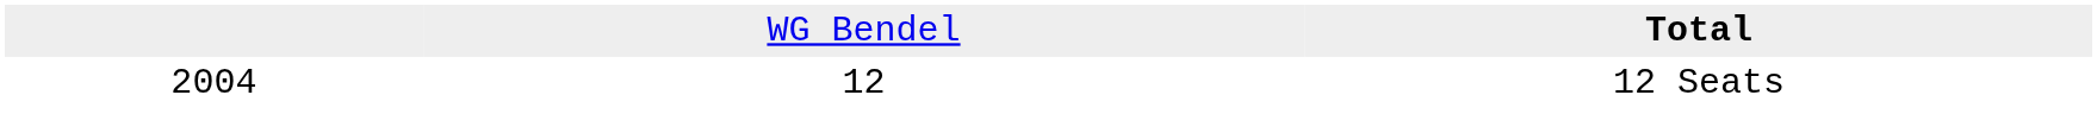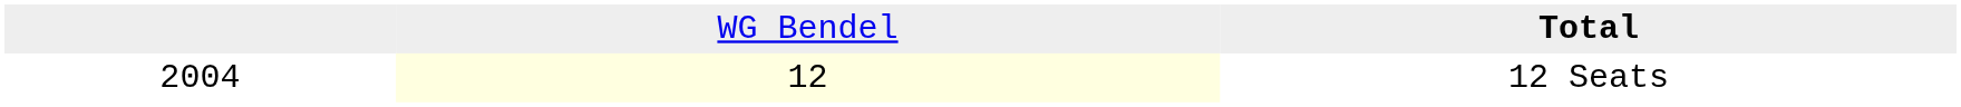 <table border="0" cellpadding="2" cellspacing="0" width="60%">
 <tr bgcolor="#eeeeee" align="center">
 <td></td>
 <td><a href='#'>WG Bendel</a></td>
 <td><strong>Total</strong></td>
 </tr>
 <tr align="center">
 <td>2004</td>
-<td>12</td>
+<td style="background: lightyellow;">12</td>
 <td>12 Seats</td>
 </tr>
 </table>
